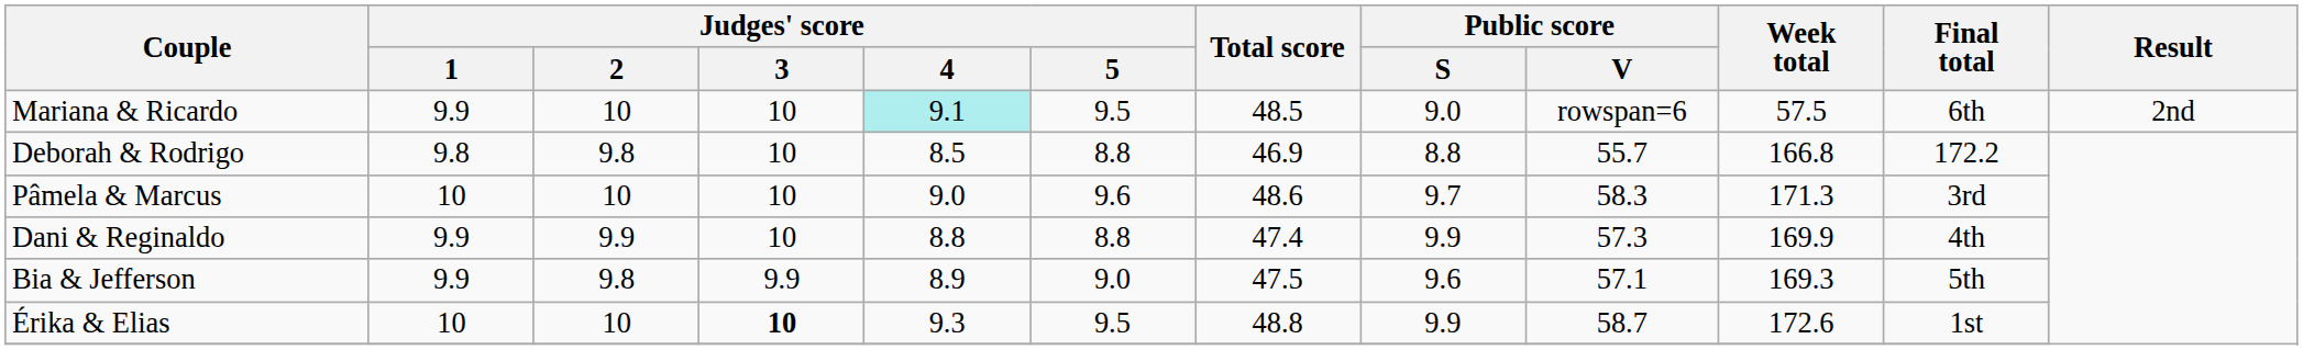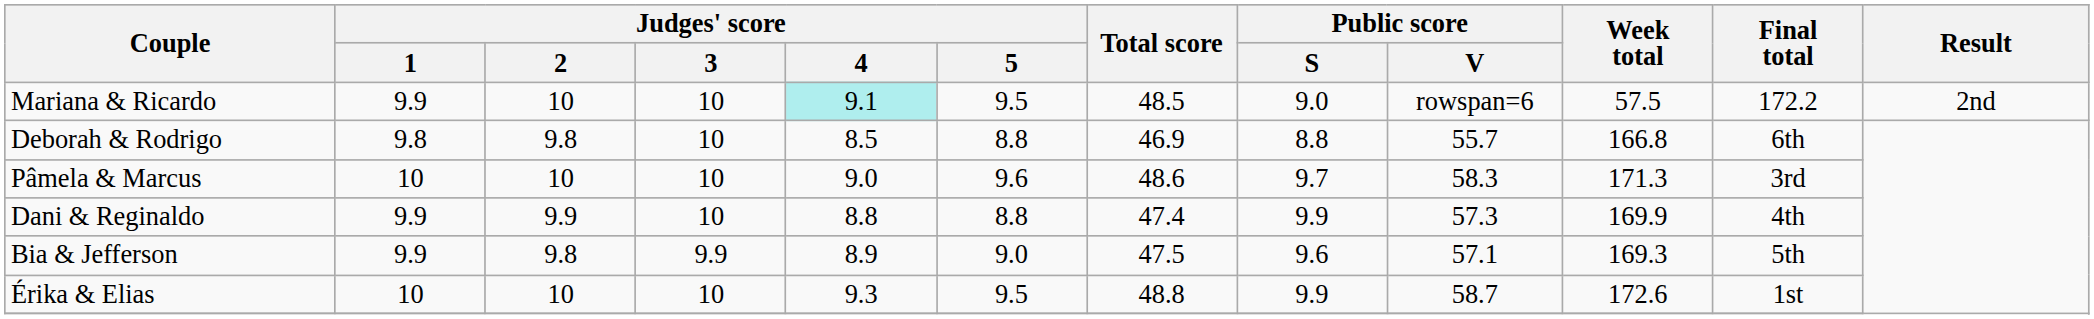 <table class="wikitable" style="font-size:100%; line-height:16px; text-align:center" width="100%">
 <tr>
 <th rowspan=2 width="11.0%">Couple</th>
 <th colspan=5 width="25.0%">Judges' score</th>
 <th rowspan=2 width="05.0%">Total score</th>
 <th colspan=2 width="10.0%">Public score</th>
 <th rowspan=2 width="05.0%">Week<br>total</th>
 <th rowspan=2 width="05.0%">Final<br>total</th>
 <th rowspan=2 width="07.5%">Result</th>
 </tr>
 <tr>
 <th width="05.0%">1</th>
 <th width="05.0%">2</th>
 <th width="05.0%">3</th>
 <th width="05.0%">4</th>
 <th width="05.0%">5</th>
 <th width="05.0%">S</th>
 <th width="05.0%">V</th>
 </tr>
 <tr>
 <td align="left">Mariana & Ricardo</td>
 <td>9.9</td>
 <td>10</td>
 <td>10</td>
 <td style="background: paleturquoise;">9.1</td>
 <td>9.5</td>
 <td>48.5</td>
 <td>9.0</td>
 <td>rowspan=6 </td>
 <td>57.5</td>
-<td>6th</td>
+<td>172.2</td>
 <td>2nd</td>
 </tr>
 <tr>
 <td align="left">Deborah & Rodrigo</td>
 <td>9.8</td>
 <td>9.8</td>
 <td>10</td>
 <td>8.5</td>
 <td>8.8</td>
 <td>46.9</td>
 <td>8.8</td>
 <td>55.7</td>
 <td>166.8</td>
-<td>172.2</td>
+<td>6th</td>
 </tr>
 <tr>
 <td align="left">Pâmela & Marcus</td>
 <td>10</td>
 <td>10</td>
 <td>10</td>
 <td>9.0</td>
 <td>9.6</td>
 <td>48.6</td>
 <td>9.7</td>
 <td>58.3</td>
 <td>171.3</td>
 <td>3rd</td>
 </tr>
 <tr>
 <td align="left">Dani & Reginaldo</td>
 <td>9.9</td>
 <td>9.9</td>
 <td>10</td>
 <td>8.8</td>
 <td>8.8</td>
 <td>47.4</td>
 <td>9.9</td>
 <td>57.3</td>
 <td>169.9</td>
 <td>4th</td>
 </tr>
 <tr>
 <td align="left">Bia & Jefferson</td>
 <td>9.9</td>
 <td>9.8</td>
 <td>9.9</td>
 <td>8.9</td>
 <td>9.0</td>
 <td>47.5</td>
 <td>9.6</td>
 <td>57.1</td>
 <td>169.3</td>
 <td>5th</td>
 </tr>
 <tr>
 <td align="left">Érika & Elias</td>
 <td>10</td>
 <td>10</td>
-<td><strong>10</strong></td>
+<td>10</td>
 <td>9.3</td>
 <td>9.5</td>
 <td>48.8</td>
 <td>9.9</td>
 <td>58.7</td>
 <td>172.6</td>
 <td>1st</td>
 </tr>
 <tr>
 </tr>
 </table>
